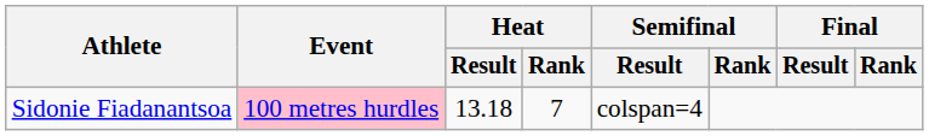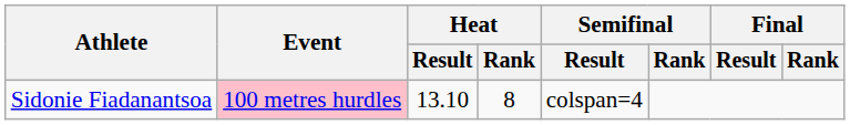 <table class="wikitable" style="font-size:90%">
 <tr>
 <th rowspan="2">Athlete</th>
 <th rowspan="2">Event</th>
 <th colspan="2">Heat</th>
 <th colspan="2">Semifinal</th>
 <th colspan="2">Final</th>
 </tr>
 <tr style="font-size:95%">
 <th>Result</th>
 <th>Rank</th>
 <th>Result</th>
 <th>Rank</th>
 <th>Result</th>
 <th>Rank</th>
 </tr>
 <tr align=center>
 <td align=left><a href='#'>Sidonie Fiadanantsoa</a></td>
 <td align=left style="background: pink;"><a href='#'>100 metres hurdles</a></td>
-<td>13.18</td>
-<td>7</td>
+<td>13.10</td>
+<td>8</td>
 <td>colspan=4 </td>
 </tr>
 </table>
